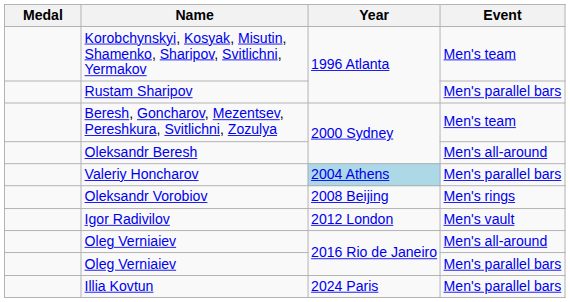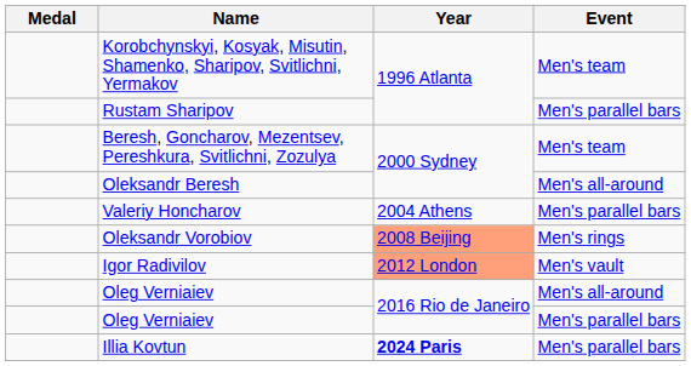 <table class="wikitable sortable">
 <tr>
 <th style="width:5em;">Medal</th>
 <th width=250>Name</th>
 <th>Year</th>
 <th>Event</th>
 </tr>
 <tr>
 <td></td>
 <td><a href='#'>Korobchynskyi</a>, <a href='#'>Kosyak</a>, <a href='#'>Misutin</a>, <a href='#'>Shamenko</a>, <a href='#'>Sharipov</a>, <a href='#'>Svitlichni</a>, <a href='#'>Yermakov</a></td>
 <td rowspan="2"> <a href='#'>1996 Atlanta</a></td>
 <td><a href='#'>Men's team</a></td>
 </tr>
 <tr>
 <td></td>
 <td><a href='#'>Rustam Sharipov</a></td>
 <td><a href='#'>Men's parallel bars</a></td>
 </tr>
 <tr>
 <td></td>
 <td><a href='#'>Beresh</a>, <a href='#'>Goncharov</a>, <a href='#'>Mezentsev</a>, <a href='#'>Pereshkura</a>, <a href='#'>Svitlichni</a>, <a href='#'>Zozulya</a></td>
 <td rowspan="2"> <a href='#'>2000 Sydney</a></td>
 <td><a href='#'>Men's team</a></td>
 </tr>
 <tr>
 <td></td>
 <td><a href='#'>Oleksandr Beresh</a></td>
 <td><a href='#'>Men's all-around</a></td>
 </tr>
 <tr>
 <td></td>
 <td><a href='#'>Valeriy Honcharov</a></td>
-<td rowspan="1" style="background: lightblue;"> <a href='#'>2004 Athens</a></td>
+<td rowspan="1"> <a href='#'>2004 Athens</a></td>
 <td><a href='#'>Men's parallel bars</a></td>
 </tr>
 <tr>
 <td></td>
 <td><a href='#'>Oleksandr Vorobiov</a></td>
-<td rowspan="1"> <a href='#'>2008 Beijing</a></td>
+<td rowspan="1" style="background: lightsalmon;"> <a href='#'>2008 Beijing</a></td>
 <td><a href='#'>Men's rings</a></td>
 </tr>
 <tr>
 <td></td>
 <td><a href='#'>Igor Radivilov</a></td>
-<td rowspan="1"> <a href='#'>2012 London</a></td>
+<td rowspan="1" style="background: lightsalmon;"> <a href='#'>2012 London</a></td>
 <td><a href='#'>Men's vault</a></td>
 </tr>
 <tr>
 <td></td>
 <td><a href='#'>Oleg Verniaiev</a></td>
 <td rowspan="2"> <a href='#'>2016 Rio de Janeiro</a></td>
 <td><a href='#'>Men's all-around</a></td>
 </tr>
 <tr>
 <td></td>
 <td><a href='#'>Oleg Verniaiev</a></td>
 <td><a href='#'>Men's parallel bars</a></td>
 </tr>
 <tr>
 <td></td>
 <td><a href='#'>Illia Kovtun</a></td>
-<td> <a href='#'>2024 Paris</a></td>
+<td><strong> <a href='#'>2024 Paris</a></strong></td>
 <td><a href='#'>Men's parallel bars</a></td>
 </tr>
 </table>
